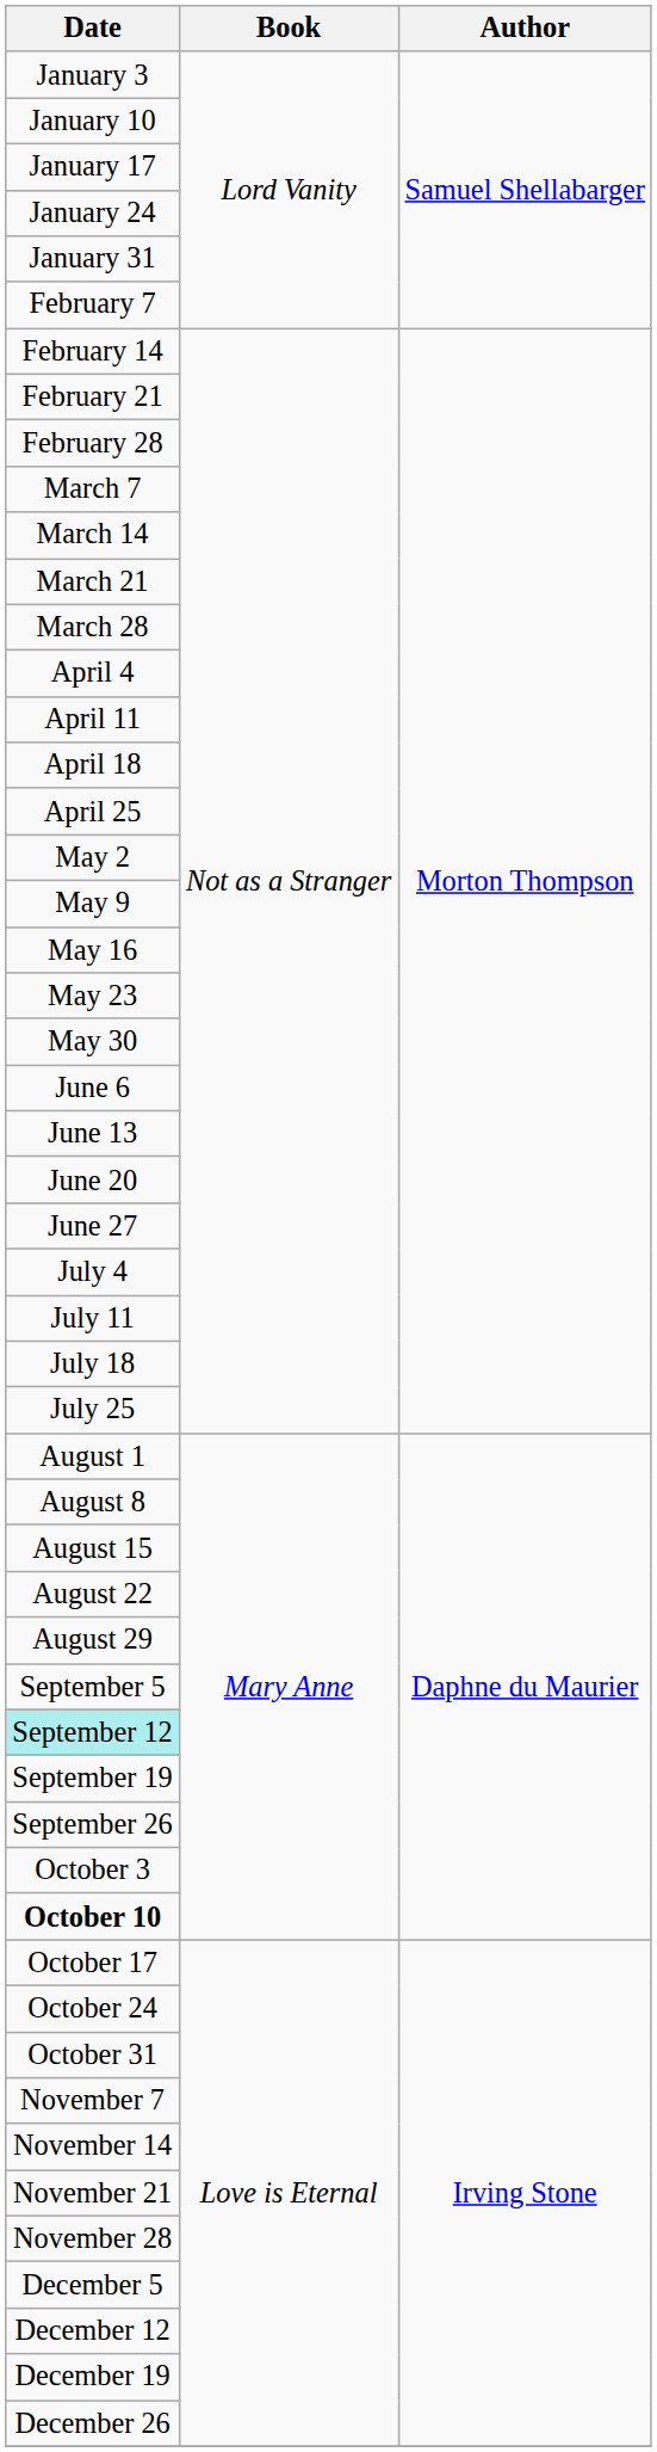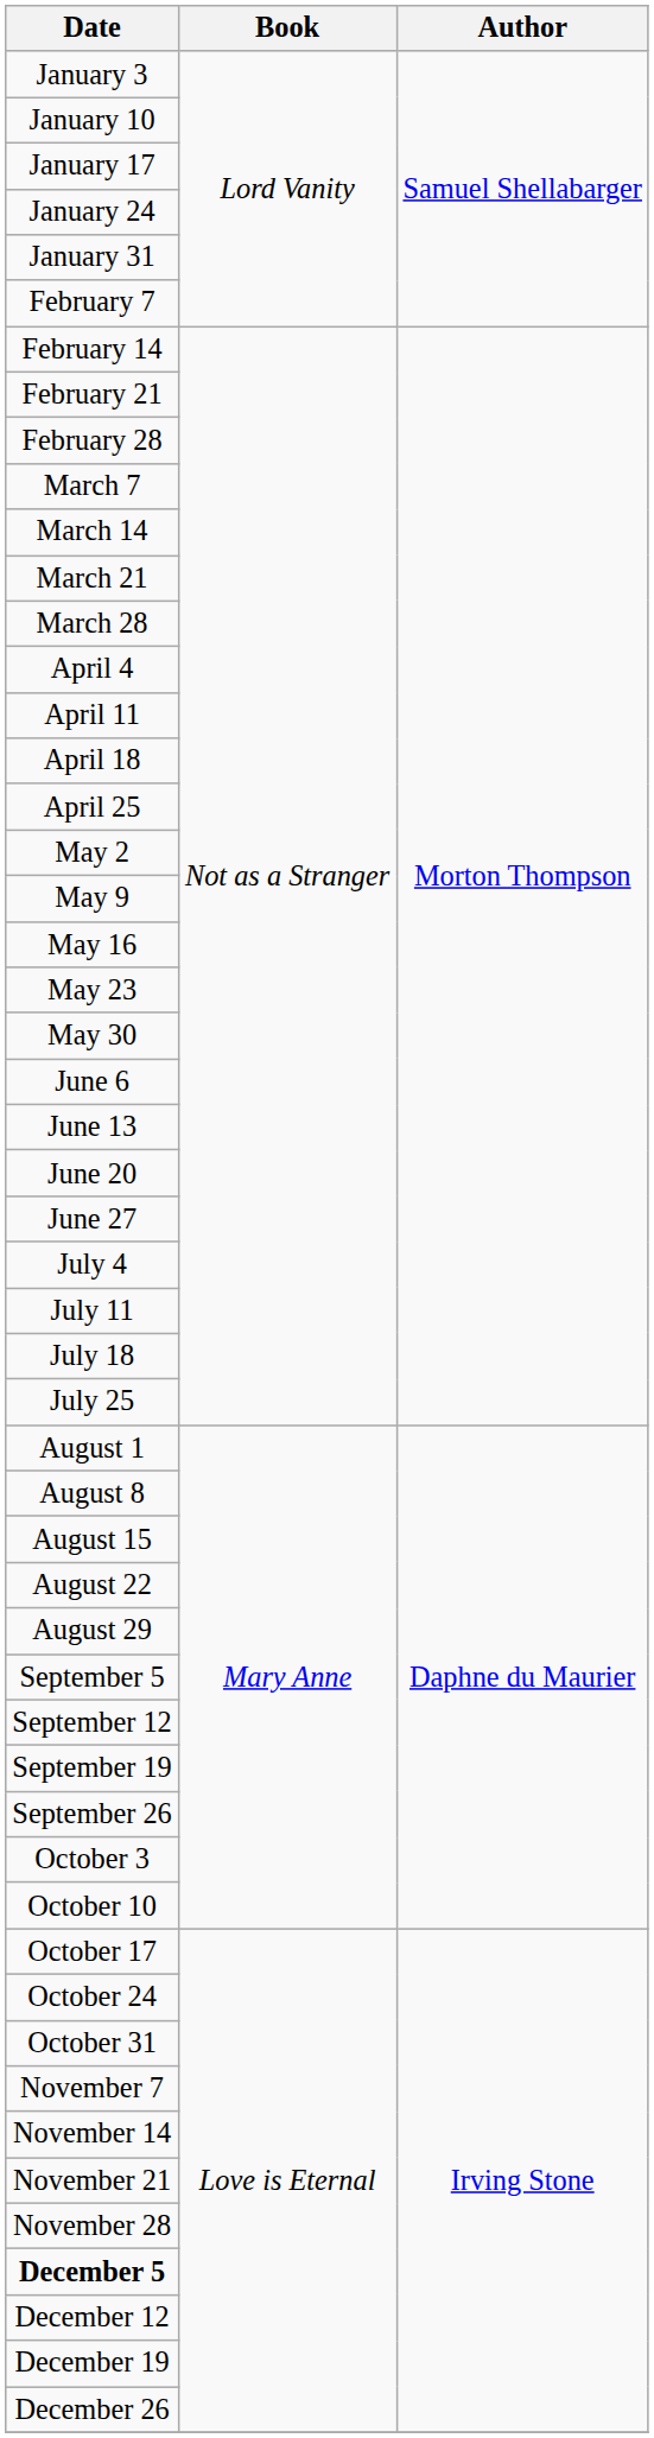 <table class="wikitable sortable" style="text-align: center">
 <tr>
 <th>Date</th>
 <th>Book</th>
 <th>Author</th>
 </tr>
 <tr>
 <td>January 3</td>
 <td rowspan=6><em>Lord Vanity</em></td>
 <td rowspan=6><a href='#'>Samuel Shellabarger</a></td>
 </tr>
 <tr>
 <td>January 10</td>
 </tr>
 <tr>
 <td>January 17</td>
 </tr>
 <tr>
 <td>January 24</td>
 </tr>
 <tr>
 <td>January 31</td>
 </tr>
 <tr>
 <td>February 7</td>
 </tr>
 <tr>
 <td>February 14</td>
 <td rowspan=24><em>Not as a Stranger</em></td>
 <td rowspan=24><a href='#'>Morton Thompson</a></td>
 </tr>
 <tr>
 <td>February 21</td>
 </tr>
 <tr>
 <td>February 28</td>
 </tr>
 <tr>
 <td>March 7</td>
 </tr>
 <tr>
 <td>March 14</td>
 </tr>
 <tr>
 <td>March 21</td>
 </tr>
 <tr>
 <td>March 28</td>
 </tr>
 <tr>
 <td>April 4</td>
 </tr>
 <tr>
 <td>April 11</td>
 </tr>
 <tr>
 <td>April 18</td>
 </tr>
 <tr>
 <td>April 25</td>
 </tr>
 <tr>
 <td>May 2</td>
 </tr>
 <tr>
 <td>May 9</td>
 </tr>
 <tr>
 <td>May 16</td>
 </tr>
 <tr>
 <td>May 23</td>
 </tr>
 <tr>
 <td>May 30</td>
 </tr>
 <tr>
 <td>June 6</td>
 </tr>
 <tr>
 <td>June 13</td>
 </tr>
 <tr>
 <td>June 20</td>
 </tr>
 <tr>
 <td>June 27</td>
 </tr>
 <tr>
 <td>July 4</td>
 </tr>
 <tr>
 <td>July 11</td>
 </tr>
 <tr>
 <td>July 18</td>
 </tr>
 <tr>
 <td>July 25</td>
 </tr>
 <tr>
 <td>August 1</td>
 <td rowspan=11><em><a href='#'>Mary Anne</a></em></td>
 <td rowspan=11><a href='#'>Daphne du Maurier</a></td>
 </tr>
 <tr>
 <td>August 8</td>
 </tr>
 <tr>
 <td>August 15</td>
 </tr>
 <tr>
 <td>August 22</td>
 </tr>
 <tr>
 <td>August 29</td>
 </tr>
 <tr>
 <td>September 5</td>
 </tr>
 <tr>
-<td style="background: paleturquoise;">September 12</td>
+<td>September 12</td>
 </tr>
 <tr>
 <td>September 19</td>
 </tr>
 <tr>
 <td>September 26</td>
 </tr>
 <tr>
 <td>October 3</td>
 </tr>
 <tr>
-<td><strong>October 10</strong></td>
+<td>October 10</td>
 </tr>
 <tr>
 <td>October 17</td>
 <td rowspan=11><em>Love is Eternal</em></td>
 <td rowspan=11><a href='#'>Irving Stone</a></td>
 </tr>
 <tr>
 <td>October 24</td>
 </tr>
 <tr>
 <td>October 31</td>
 </tr>
 <tr>
 <td>November 7</td>
 </tr>
 <tr>
 <td>November 14</td>
 </tr>
 <tr>
 <td>November 21</td>
 </tr>
 <tr>
 <td>November 28</td>
 </tr>
 <tr>
-<td>December 5</td>
+<td><strong>December 5</strong></td>
 </tr>
 <tr>
 <td>December 12</td>
 </tr>
 <tr>
 <td>December 19</td>
 </tr>
 <tr>
 <td>December 26</td>
 </tr>
 <tr>
 </tr>
 </table>
